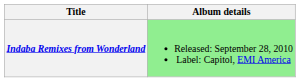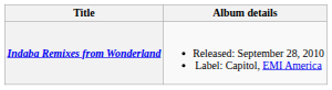 <table class="wikitable plainrowheaders" style="text-align:center;">
 <tr>
 <th>Title</th>
 <th>Album details</th>
 </tr>
 <tr>
 <th scope="row"><em><a href='#'>Indaba Remixes from Wonderland</a></em></th>
-<td style="background: lightgreen;"><br><ul><li>Released: September 28, 2010</li><li>Label: Capitol, <a href='#'>EMI America</a></li></ul></td>
+<td><br><ul><li>Released: September 28, 2010</li><li>Label: Capitol, <a href='#'>EMI America</a></li></ul></td>
 </tr>
 </table>
